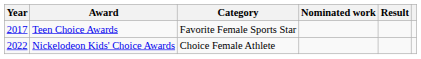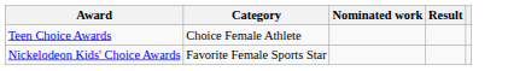 <table class="wikitable">
 <tr>
-<th>Year</th>
 <th>Award</th>
 <th>Category</th>
 <th>Nominated work</th>
 <th>Result</th>
 <th></th>
 </tr>
 <tr>
-<td><a href='#'>2017</a></td>
 <td><a href='#'>Teen Choice Awards</a></td>
+<td>Choice Female Athlete</td>
+<td></td>
+<td></td>
+<td></td>
+</tr>
+<tr>
+<td><a href='#'>Nickelodeon Kids' Choice Awards</a></td>
 <td>Favorite Female Sports Star</td>
 <td></td>
 <td></td>
 <td></td>
 </tr>
-<tr>
-<td><a href='#'>2022</a></td>
-<td><a href='#'>Nickelodeon Kids' Choice Awards</a></td>
-<td>Choice Female Athlete</td>
-<td></td>
-<td></td>
-<td></td>
-</tr>
 </table>
